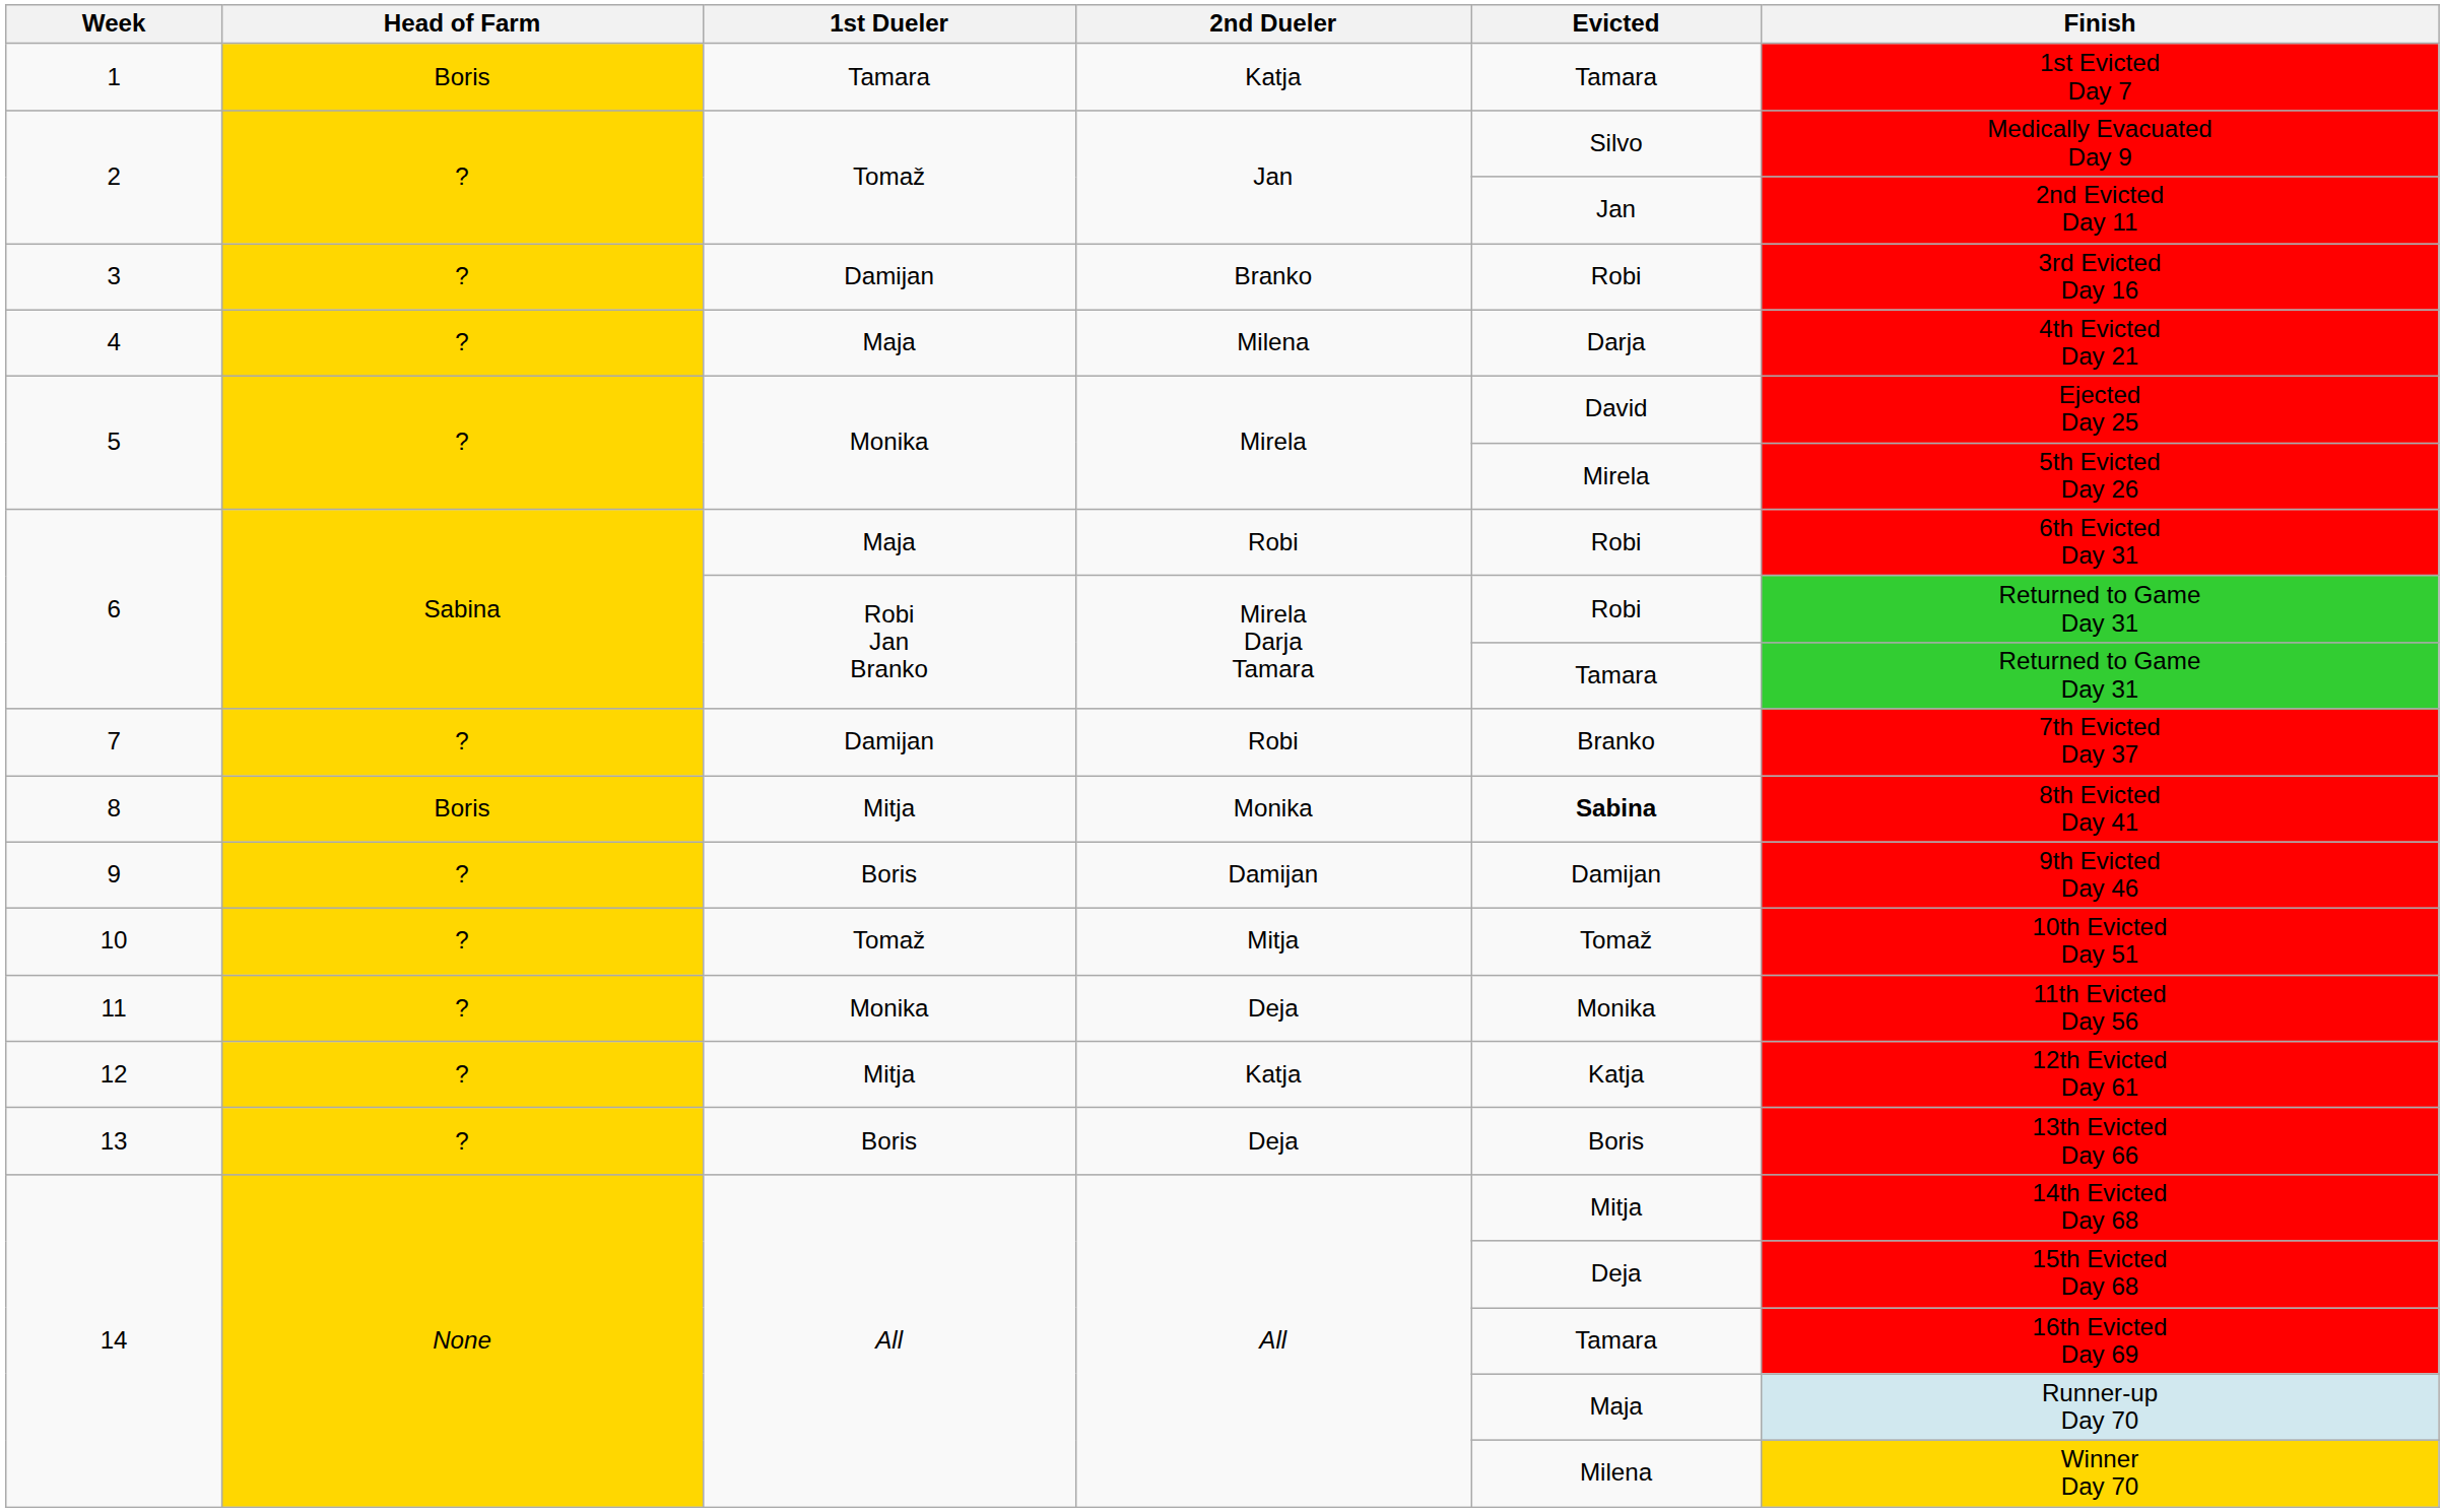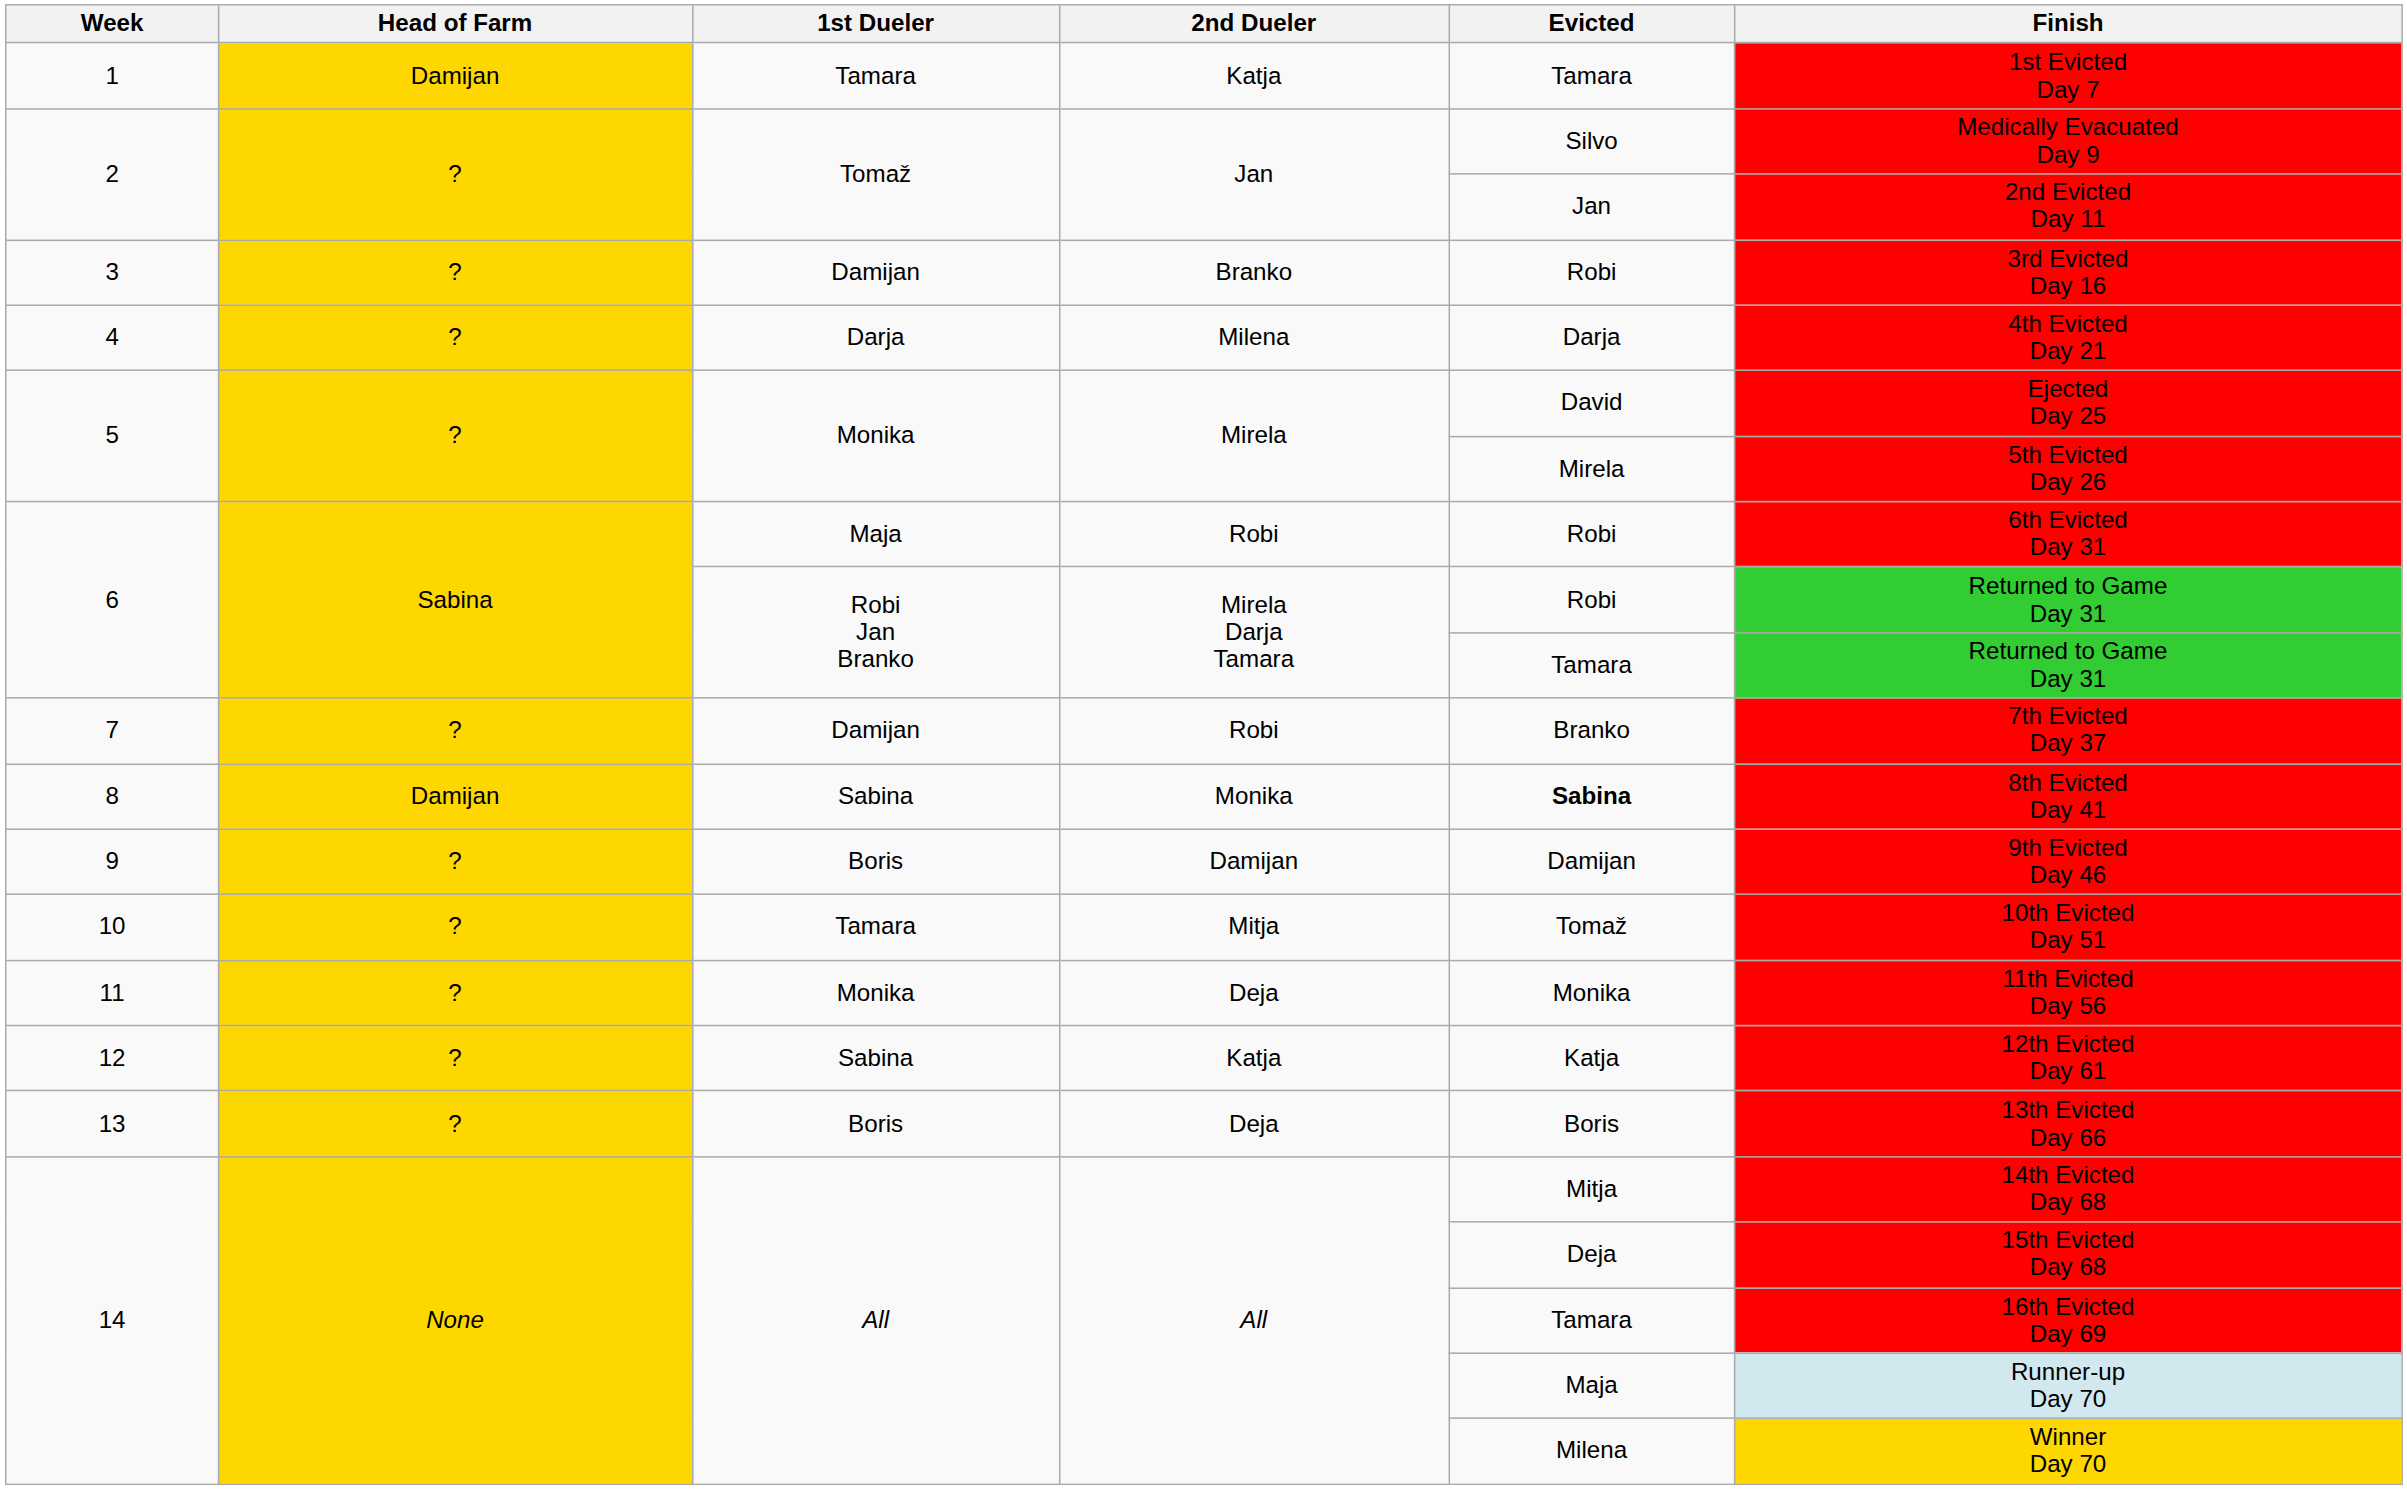 <table class="wikitable" style="font-size:100%; text-align:center; width: 80%; margin-left: auto; margin-right: auto;">
 <tr>
 <th>Week</th>
 <th>Head of Farm</th>
 <th>1st Dueler</th>
 <th>2nd Dueler</th>
 <th>Evicted</th>
 <th>Finish</th>
 </tr>
 <tr>
 <td>1</td>
-<td style="background:gold;">Boris</td>
+<td style="background:gold;">Damijan</td>
 <td>Tamara</td>
 <td>Katja</td>
 <td>Tamara</td>
 <td style="background:#ff0000">1st Evicted<br>Day 7</td>
 </tr>
 <tr>
 <td rowspan="2">2</td>
 <td rowspan="2" style="background:gold;">?</td>
 <td rowspan="2">Tomaž</td>
 <td rowspan="2">Jan</td>
 <td rowspan="1">Silvo</td>
 <td rowspan="1" style="background:#ff0000">Medically Evacuated<br>Day 9</td>
 </tr>
 <tr>
 <td rowspan="1">Jan</td>
 <td rowspan="1" style="background:#ff0000">2nd Evicted<br>Day 11</td>
 </tr>
 <tr>
 <td>3</td>
 <td style="background:gold;">?</td>
 <td>Damijan</td>
 <td>Branko</td>
 <td>Robi</td>
 <td style="background:#ff0000">3rd Evicted<br>Day 16</td>
 </tr>
 <tr>
 <td>4</td>
 <td style="background:gold;">?</td>
-<td rowspan="1">Maja</td>
+<td>Darja</td>
 <td>Milena</td>
 <td>Darja</td>
 <td style="background:#ff0000">4th Evicted<br>Day 21</td>
 </tr>
 <tr>
 <td rowspan="2">5</td>
 <td rowspan="2" style="background:gold;">?</td>
 <td rowspan="2">Monika</td>
 <td rowspan="2">Mirela</td>
 <td rowspan="1">David</td>
 <td rowspan="1" style="background:#ff0000">Ejected<br>Day 25</td>
 </tr>
 <tr>
 <td rowspan="1">Mirela</td>
 <td rowspan="1" style="background:#ff0000">5th Evicted<br>Day 26</td>
 </tr>
 <tr>
 <td rowspan="3">6</td>
 <td rowspan="3" style="background:gold;">Sabina</td>
 <td rowspan="1">Maja</td>
 <td rowspan="1">Robi</td>
 <td rowspan="1">Robi</td>
 <td rowspan="1" style="background:#ff0000">6th Evicted<br>Day 31</td>
 </tr>
 <tr>
 <td rowspan="2">Robi<br>Jan<br>Branko</td>
 <td rowspan="2">Mirela<br>Darja<br>Tamara</td>
 <td rowspan="1">Robi</td>
 <td rowspan="1" style="background:limegreen">Returned to Game<br>Day 31</td>
 </tr>
 <tr>
 <td rowspan="1">Tamara</td>
 <td rowspan="1" style="background:limegreen">Returned to Game<br>Day 31</td>
 </tr>
 <tr>
 <td>7</td>
 <td style="background:gold;">?</td>
 <td>Damijan</td>
 <td>Robi</td>
 <td>Branko</td>
 <td style="background:#ff0000">7th Evicted<br>Day 37</td>
 </tr>
 <tr>
 <td>8</td>
-<td style="background:gold;">Boris</td>
-<td>Mitja</td>
+<td style="background:gold;">Damijan</td>
+<td>Sabina</td>
 <td>Monika</td>
 <td><strong>Sabina</strong></td>
 <td style="background:#ff0000">8th Evicted<br>Day 41</td>
 </tr>
 <tr>
 <td>9</td>
 <td style="background:gold;">?</td>
 <td>Boris</td>
 <td>Damijan</td>
 <td>Damijan</td>
 <td style="background:#ff0000">9th Evicted<br>Day 46</td>
 </tr>
 <tr>
 <td>10</td>
 <td style="background:gold;">?</td>
-<td>Tomaž</td>
+<td>Tamara</td>
 <td>Mitja</td>
 <td>Tomaž</td>
 <td style="background:#ff0000">10th Evicted<br>Day 51</td>
 </tr>
 <tr>
 <td>11</td>
 <td style="background:gold;">?</td>
 <td>Monika</td>
 <td>Deja</td>
 <td>Monika</td>
 <td style="background:#ff0000">11th Evicted<br>Day 56</td>
 </tr>
 <tr>
 <td>12</td>
 <td style="background:gold;">?</td>
-<td>Mitja</td>
+<td>Sabina</td>
 <td>Katja</td>
 <td>Katja</td>
 <td style="background:#ff0000">12th Evicted<br>Day 61</td>
 </tr>
 <tr>
 <td>13</td>
 <td style="background:gold;">?</td>
 <td>Boris</td>
 <td>Deja</td>
 <td>Boris</td>
 <td style="background:#ff0000">13th Evicted<br>Day 66</td>
 </tr>
 <tr>
 <td rowspan="5">14</td>
 <td rowspan="5" style="background:gold;"><em>None</em></td>
 <td rowspan="5"><em>All</em></td>
 <td rowspan="5"><em>All</em></td>
 <td>Mitja</td>
 <td style="background:#ff0000">14th Evicted<br>Day 68</td>
 </tr>
 <tr>
 <td>Deja</td>
 <td style="background:#ff0000">15th Evicted<br>Day 68</td>
 </tr>
 <tr>
 <td>Tamara</td>
 <td style="background:#ff0000">16th Evicted<br>Day 69</td>
 </tr>
 <tr>
 <td>Maja</td>
 <td style="background:#D1E8EF;">Runner-up<br>Day 70</td>
 </tr>
 <tr>
 <td>Milena</td>
 <td style="background:gold;">Winner<br>Day 70</td>
 </tr>
 <tr>
 </tr>
 </table>
